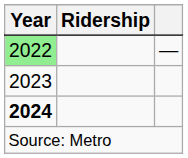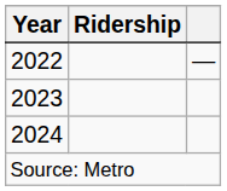 <table class="wikitable sortable" style="border-spacing: 1px; text-align:center; font-size:95%;">
 <tr>
 </tr>
 <tr>
 <th style="border-bottom:1px solid black">Year</th>
 <th style="border-bottom:1px solid black">Ridership</th>
 <th style="border-bottom:1px solid black"></th>
 </tr>
 <tr>
-<td style="background: lightgreen;">2022</td>
+<td>2022</td>
 <td></td>
 <td>—</td>
 </tr>
 <tr>
 <td>2023</td>
 <td></td>
 <td></td>
 </tr>
 <tr>
-<td><strong>2024</strong></td>
+<td>2024</td>
 <td></td>
 <td></td>
 </tr>
 <tr class="sortbottom">
 <td colspan="3" style="border-top:1px solid black; font-size:85%; text-align:left">Source: Metro</td>
 </tr>
 </table>
